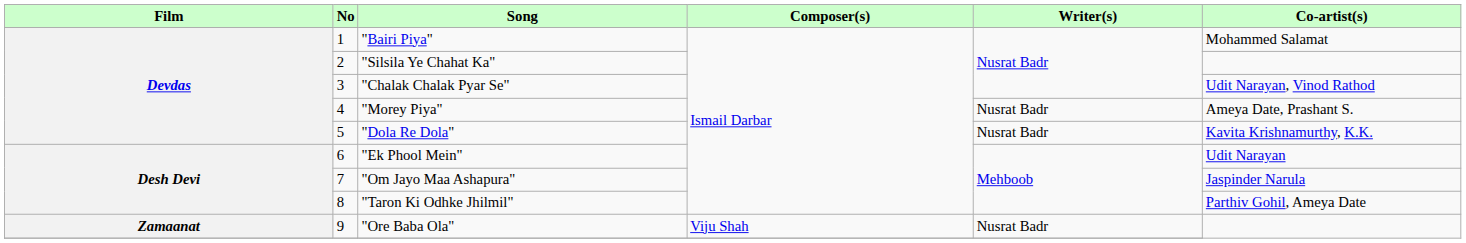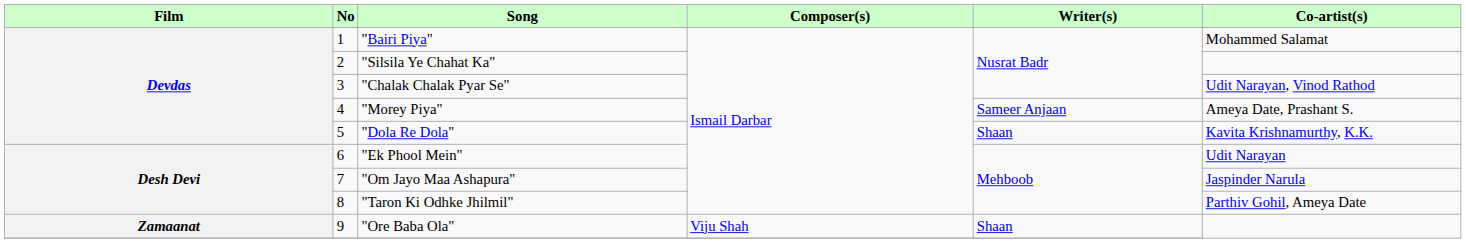 <table class="wikitable plainrowheaders" style="width:100%; textcolor:#000">
 <tr style="background:#cfc; text-align:center;">
 <td scope="col" style="width:23%;"><strong>Film</strong></td>
 <td><strong>No</strong></td>
 <td scope="col" style="width:23%;"><strong>Song</strong></td>
 <td scope="col" style="width:20%;"><strong>Composer(s)</strong></td>
 <td scope="col" style="width:16%;"><strong>Writer(s)</strong></td>
 <td scope="col" style="width:18%;"><strong>Co-artist(s)</strong></td>
 </tr>
 <tr>
 <th scope="row" rowspan="5"><em><a href='#'>Devdas</a></em></th>
 <td>1</td>
 <td>"<a href='#'>Bairi Piya</a>"</td>
 <td rowspan="8"><a href='#'>Ismail Darbar</a></td>
 <td rowspan="3"><a href='#'>Nusrat Badr</a></td>
 <td>Mohammed Salamat</td>
 </tr>
 <tr>
 <td>2</td>
 <td>"Silsila Ye Chahat Ka"</td>
 <td></td>
 </tr>
 <tr>
 <td>3</td>
 <td>"Chalak Chalak Pyar Se"</td>
 <td><a href='#'>Udit Narayan</a>, <a href='#'>Vinod Rathod</a></td>
 </tr>
 <tr>
 <td>4</td>
 <td>"Morey Piya"</td>
-<td>Nusrat Badr</td>
+<td><a href='#'>Sameer Anjaan</a></td>
 <td>Ameya Date, Prashant S.</td>
 </tr>
 <tr>
 <td>5</td>
 <td>"<a href='#'>Dola Re Dola</a>"</td>
-<td>Nusrat Badr</td>
+<td><a href='#'>Shaan</a></td>
 <td><a href='#'>Kavita Krishnamurthy</a>, <a href='#'>K.K.</a></td>
 </tr>
 <tr>
 <th scope="row" rowspan="3"><em>Desh Devi</em></th>
 <td>6</td>
 <td>"Ek Phool Mein"</td>
 <td rowspan="3"><a href='#'>Mehboob</a></td>
 <td><a href='#'>Udit Narayan</a></td>
 </tr>
 <tr>
 <td>7</td>
 <td>"Om Jayo Maa Ashapura"</td>
 <td><a href='#'>Jaspinder Narula</a></td>
 </tr>
 <tr>
 <td>8</td>
 <td>"Taron Ki Odhke Jhilmil"</td>
 <td><a href='#'>Parthiv Gohil</a>, Ameya Date</td>
 </tr>
 <tr>
 <th scope="row"><em>Zamaanat</em></th>
 <td>9</td>
 <td>"Ore Baba Ola"</td>
 <td><a href='#'>Viju Shah</a></td>
-<td>Nusrat Badr</td>
+<td><a href='#'>Shaan</a></td>
 </tr>
 <tr>
 </tr>
 </table>
